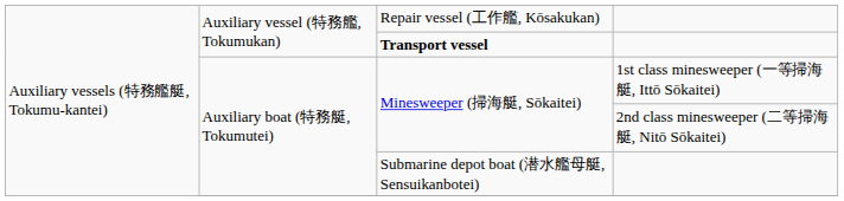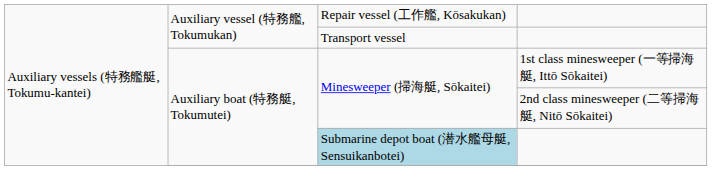 <table class="wikitable">
 <tr>
 <td rowspan="8">Auxiliary vessels (特務艦艇, Tokumu-kantei)</td>
 <td rowspan="2">Auxiliary vessel (特務艦, Tokumukan)</td>
 <td>Repair vessel (工作艦, Kōsakukan)</td>
 <td></td>
 </tr>
 <tr>
-<td><strong>Transport vessel</strong></td>
+<td>Transport vessel</td>
 <td></td>
 </tr>
 <tr>
 <td rowspan="3">Auxiliary boat (特務艇, Tokumutei)</td>
 <td rowspan="2"><a href='#'>Minesweeper</a> (掃海艇, Sōkaitei)</td>
 <td>1st class minesweeper (一等掃海艇, Ittō Sōkaitei)</td>
 </tr>
 <tr>
 <td>2nd class minesweeper (二等掃海艇, Nitō Sōkaitei)</td>
 </tr>
 <tr>
-<td>Submarine depot boat (潜水艦母艇, Sensuikanbotei)</td>
+<td style="background: lightblue;">Submarine depot boat (潜水艦母艇, Sensuikanbotei)</td>
 <td></td>
 </tr>
 <tr>
 </tr>
 </table>
